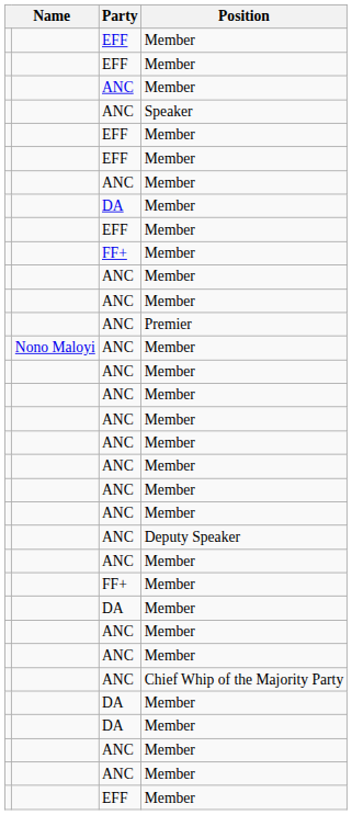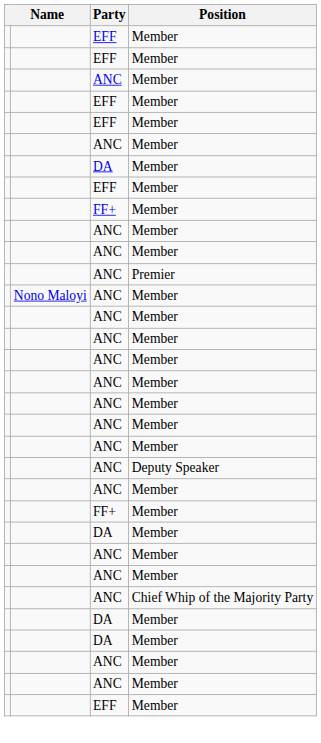 <table class="wikitable sortable">
 <tr>
 <th colspan=2>Name</th>
 <th>Party</th>
 <th>Position</th>
 </tr>
 <tr>
 <td style="background-color: "></td>
 <td></td>
 <td><a href='#'>EFF</a></td>
 <td>Member</td>
 </tr>
 <tr>
 <td style="background-color: "></td>
 <td></td>
 <td>EFF</td>
 <td>Member</td>
 </tr>
 <tr>
 <td style="background-color: "></td>
 <td></td>
 <td><a href='#'>ANC</a></td>
 <td>Member</td>
-</tr>
-<tr>
-<td style="background-color: "></td>
-<td></td>
-<td>ANC</td>
-<td>Speaker</td>
 </tr>
 <tr>
 <td style="background-color: "></td>
 <td></td>
 <td>EFF</td>
 <td>Member</td>
 </tr>
 <tr>
 <td style="background-color: "></td>
 <td></td>
 <td>EFF</td>
 <td>Member</td>
 </tr>
 <tr>
 <td style="background-color: "></td>
 <td></td>
 <td>ANC</td>
 <td>Member</td>
 </tr>
 <tr>
 <td style="background-color: "></td>
 <td></td>
 <td><a href='#'>DA</a></td>
 <td>Member</td>
 </tr>
 <tr>
 <td style="background-color: "></td>
 <td></td>
 <td>EFF</td>
 <td>Member</td>
 </tr>
 <tr>
 <td style="background-color: "></td>
 <td></td>
 <td><a href='#'>FF+</a></td>
 <td>Member</td>
 </tr>
 <tr>
 <td style="background-color: "></td>
 <td></td>
 <td>ANC</td>
 <td>Member</td>
 </tr>
 <tr>
 <td style="background-color: "></td>
 <td></td>
 <td>ANC</td>
 <td>Member</td>
 </tr>
 <tr>
 <td style="background-color: "></td>
 <td></td>
 <td>ANC</td>
 <td>Premier</td>
 </tr>
 <tr>
 <td style="background-color: "></td>
 <td><a href='#'>Nono Maloyi</a></td>
 <td>ANC</td>
 <td>Member</td>
 </tr>
 <tr>
 <td style="background-color: "></td>
 <td></td>
 <td>ANC</td>
 <td>Member</td>
 </tr>
 <tr>
 <td style="background-color: "></td>
 <td></td>
 <td>ANC</td>
 <td>Member</td>
 </tr>
 <tr>
 <td style="background-color: "></td>
 <td></td>
 <td>ANC</td>
 <td>Member</td>
 </tr>
 <tr>
 <td style="background-color: "></td>
 <td></td>
 <td>ANC</td>
 <td>Member</td>
 </tr>
 <tr>
 <td style="background-color: "></td>
 <td></td>
 <td>ANC</td>
 <td>Member</td>
 </tr>
 <tr>
 <td style="background-color: "></td>
 <td></td>
 <td>ANC</td>
 <td>Member</td>
 </tr>
 <tr>
 <td style="background-color: "></td>
 <td></td>
 <td>ANC</td>
 <td>Member</td>
 </tr>
 <tr>
 <td style="background-color: "></td>
 <td></td>
 <td>ANC</td>
 <td>Deputy Speaker</td>
 </tr>
 <tr>
 <td style="background-color: "></td>
 <td></td>
 <td>ANC</td>
 <td>Member</td>
 </tr>
 <tr>
 <td style="background-color: "></td>
 <td></td>
 <td>FF+</td>
 <td>Member</td>
 </tr>
 <tr>
 <td style="background-color: "></td>
 <td></td>
 <td>DA</td>
 <td>Member</td>
 </tr>
 <tr>
 <td style="background-color: "></td>
 <td></td>
 <td>ANC</td>
 <td>Member</td>
 </tr>
 <tr>
 <td style="background-color: "></td>
 <td></td>
 <td>ANC</td>
 <td>Member</td>
 </tr>
 <tr>
 <td style="background-color: "></td>
 <td></td>
 <td>ANC</td>
 <td>Chief Whip of the Majority Party</td>
 </tr>
 <tr>
 <td style="background-color: "></td>
 <td></td>
 <td>DA</td>
 <td>Member</td>
 </tr>
 <tr>
 <td style="background-color: "></td>
 <td></td>
 <td>DA</td>
 <td>Member</td>
 </tr>
 <tr>
 <td style="background-color: "></td>
 <td></td>
 <td>ANC</td>
 <td>Member</td>
 </tr>
 <tr>
 <td style="background-color: "></td>
 <td></td>
 <td>ANC</td>
 <td>Member</td>
 </tr>
 <tr>
 <td style="background-color: "></td>
 <td></td>
 <td>EFF</td>
 <td>Member</td>
 </tr>
 </table>
